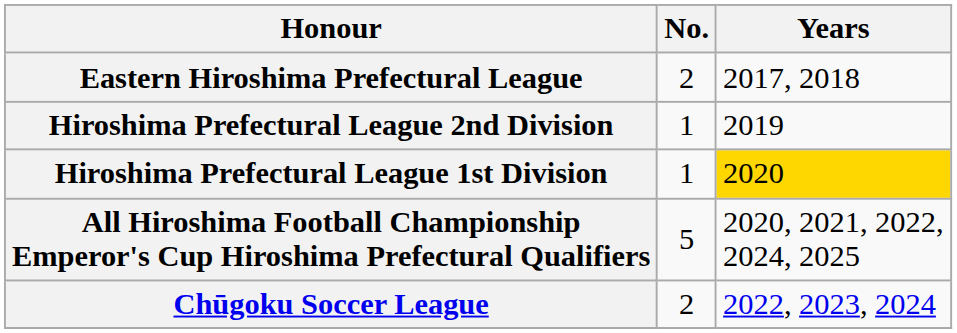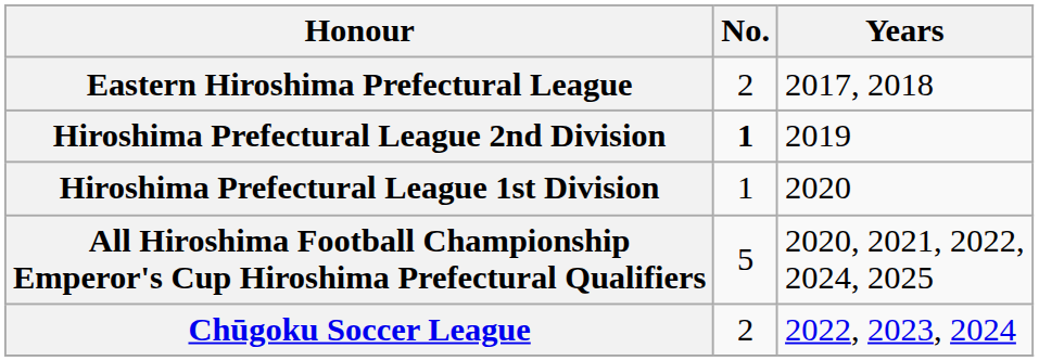 <table class="wikitable plainrowheaders">
 <tr>
 <th scope=col>Honour</th>
 <th scope=col>No.</th>
 <th scope=col>Years</th>
 </tr>
 <tr>
 <th scope=row>Eastern Hiroshima Prefectural League</th>
 <td align="center">2</td>
 <td>2017, 2018</td>
 </tr>
 <tr>
 <th scope=row>Hiroshima Prefectural League 2nd Division</th>
-<td align="center">1</td>
+<td align="center"><strong>1</strong></td>
 <td>2019</td>
 </tr>
 <tr>
 <th scope=row>Hiroshima Prefectural League 1st Division</th>
 <td align="center">1</td>
-<td style="background: gold;">2020</td>
+<td>2020</td>
 </tr>
 <tr>
 <th scope=row>All Hiroshima Football Championship <br> Emperor's Cup Hiroshima Prefectural Qualifiers</th>
 <td align="center">5</td>
 <td>2020, 2021, 2022,<br> 2024, 2025</td>
 </tr>
 <tr>
 <th scope=row><a href='#'>Chūgoku Soccer League</a></th>
 <td align="center">2</td>
 <td><a href='#'>2022</a>, <a href='#'>2023</a>, <a href='#'>2024</a></td>
 </tr>
 <tr>
 </tr>
 </table>
